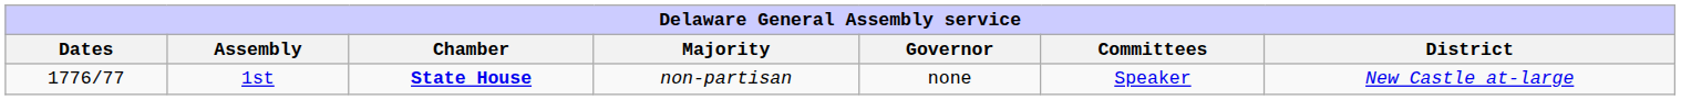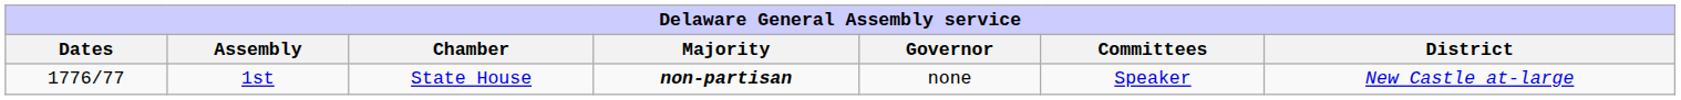 <table class="wikitable"  style="text-align:center; width:94%; margin:auto;">
 <tr style="background:#ccc;">
 <th colspan="7" style="background:#ccf;">Delaware General Assembly service</th>
 </tr>
 <tr>
 <th><strong>Dates</strong></th>
 <th><strong>Assembly</strong></th>
 <th><strong>Chamber</strong></th>
 <th><strong>Majority</strong></th>
 <th><strong>Governor</strong></th>
 <th><strong>Committees</strong></th>
 <th><strong>District</strong></th>
 </tr>
 <tr>
 <td>1776/77</td>
 <td><a href='#'>1st</a></td>
-<td><strong><a href='#'>State House</a></strong></td>
-<td><em>non-partisan</em></td>
+<td><a href='#'>State House</a></td>
+<td><strong><em>non-partisan</em></strong></td>
 <td>none</td>
 <td><a href='#'>Speaker</a></td>
 <td><a href='#'><em>New Castle at-large</em></a></td>
 </tr>
 </table>
